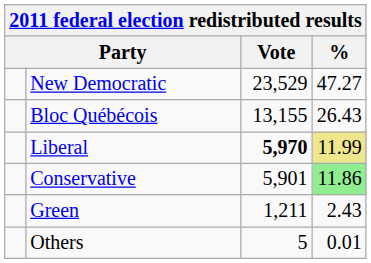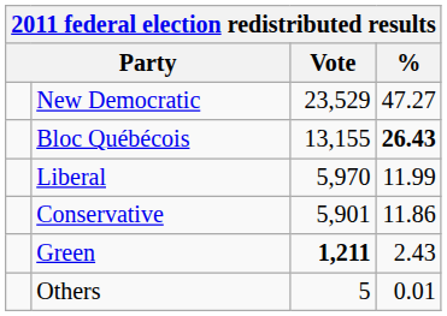 <table class="wikitable">
 <tr>
 <th colspan="4"><a href='#'>2011 federal election</a> redistributed results</th>
 </tr>
 <tr>
 <th bgcolor="#DDDDFF" width="130px" colspan="2">Party</th>
 <th bgcolor="#DDDDFF" width="50px">Vote</th>
 <th bgcolor="#DDDDFF" width="30px">%</th>
 </tr>
 <tr>
 <td> </td>
 <td><a href='#'>New Democratic</a></td>
 <td align=right>23,529</td>
 <td align=right>47.27</td>
 </tr>
 <tr>
 <td> </td>
 <td><a href='#'>Bloc Québécois</a></td>
 <td align=right>13,155</td>
-<td align=right>26.43</td>
+<td align=right><strong>26.43</strong></td>
 </tr>
 <tr>
 <td> </td>
 <td><a href='#'>Liberal</a></td>
-<td align=right><strong>5,970</strong></td>
-<td align=right style="background: khaki;">11.99</td>
+<td align=right>5,970</td>
+<td align=right>11.99</td>
 </tr>
 <tr>
 <td> </td>
 <td><a href='#'>Conservative</a></td>
 <td align=right>5,901</td>
-<td align=right style="background: lightgreen;">11.86</td>
+<td align=right>11.86</td>
 </tr>
 <tr>
 <td> </td>
 <td><a href='#'>Green</a></td>
-<td align=right>1,211</td>
+<td align=right><strong>1,211</strong></td>
 <td align=right>2.43</td>
 </tr>
 <tr>
 <td> </td>
 <td>Others</td>
 <td align=right>5</td>
 <td align=right>0.01</td>
 </tr>
 </table>
